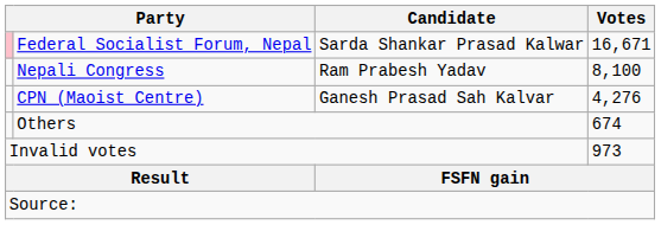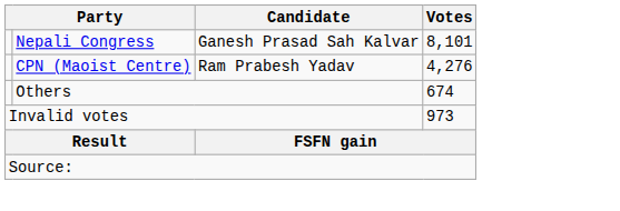 <table class="wikitable">
 <tr>
 <th colspan="2">Party</th>
 <th>Candidate</th>
 <th>Votes</th>
 </tr>
 <tr>
-<td style="background-color:#ffc0cb"></td>
-<td><a href='#'>Federal Socialist Forum, Nepal</a></td>
-<td>Sarda Shankar Prasad Kalwar</td>
-<td>16,671</td>
-</tr>
-<tr>
 <td style="background-color:"></td>
 <td><a href='#'>Nepali Congress</a></td>
-<td>Ram Prabesh Yadav</td>
-<td>8,100</td>
+<td>Ganesh Prasad Sah Kalvar</td>
+<td>8,101</td>
 </tr>
 <tr>
 <td style="background-color:"></td>
 <td><a href='#'>CPN (Maoist Centre)</a></td>
-<td>Ganesh Prasad Sah Kalvar</td>
+<td>Ram Prabesh Yadav</td>
 <td>4,276</td>
 </tr>
 <tr>
 <td></td>
 <td colspan="2">Others</td>
 <td>674</td>
 </tr>
 <tr>
 <td colspan="3">Invalid votes</td>
 <td>973</td>
 </tr>
 <tr>
 <th colspan="2">Result</th>
 <th colspan="2">FSFN gain</th>
 </tr>
 <tr>
 <td colspan="4">Source: </td>
 </tr>
 </table>
